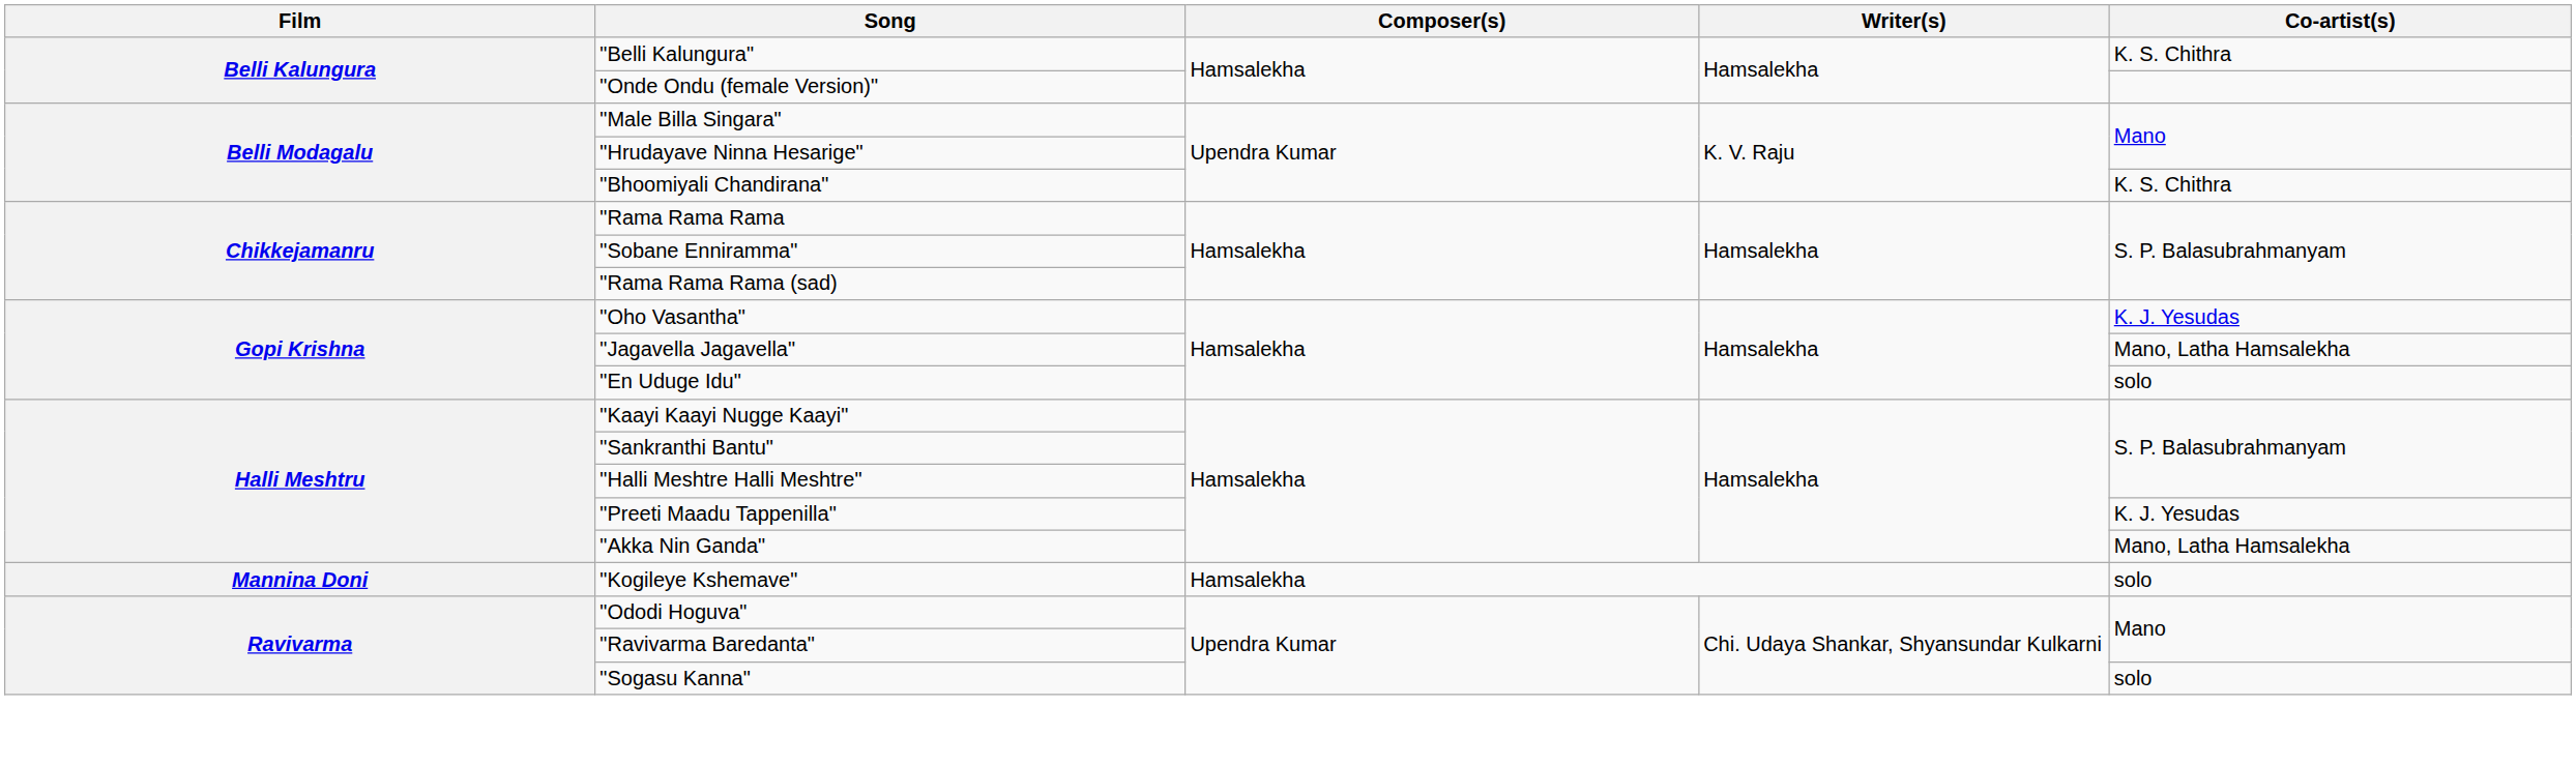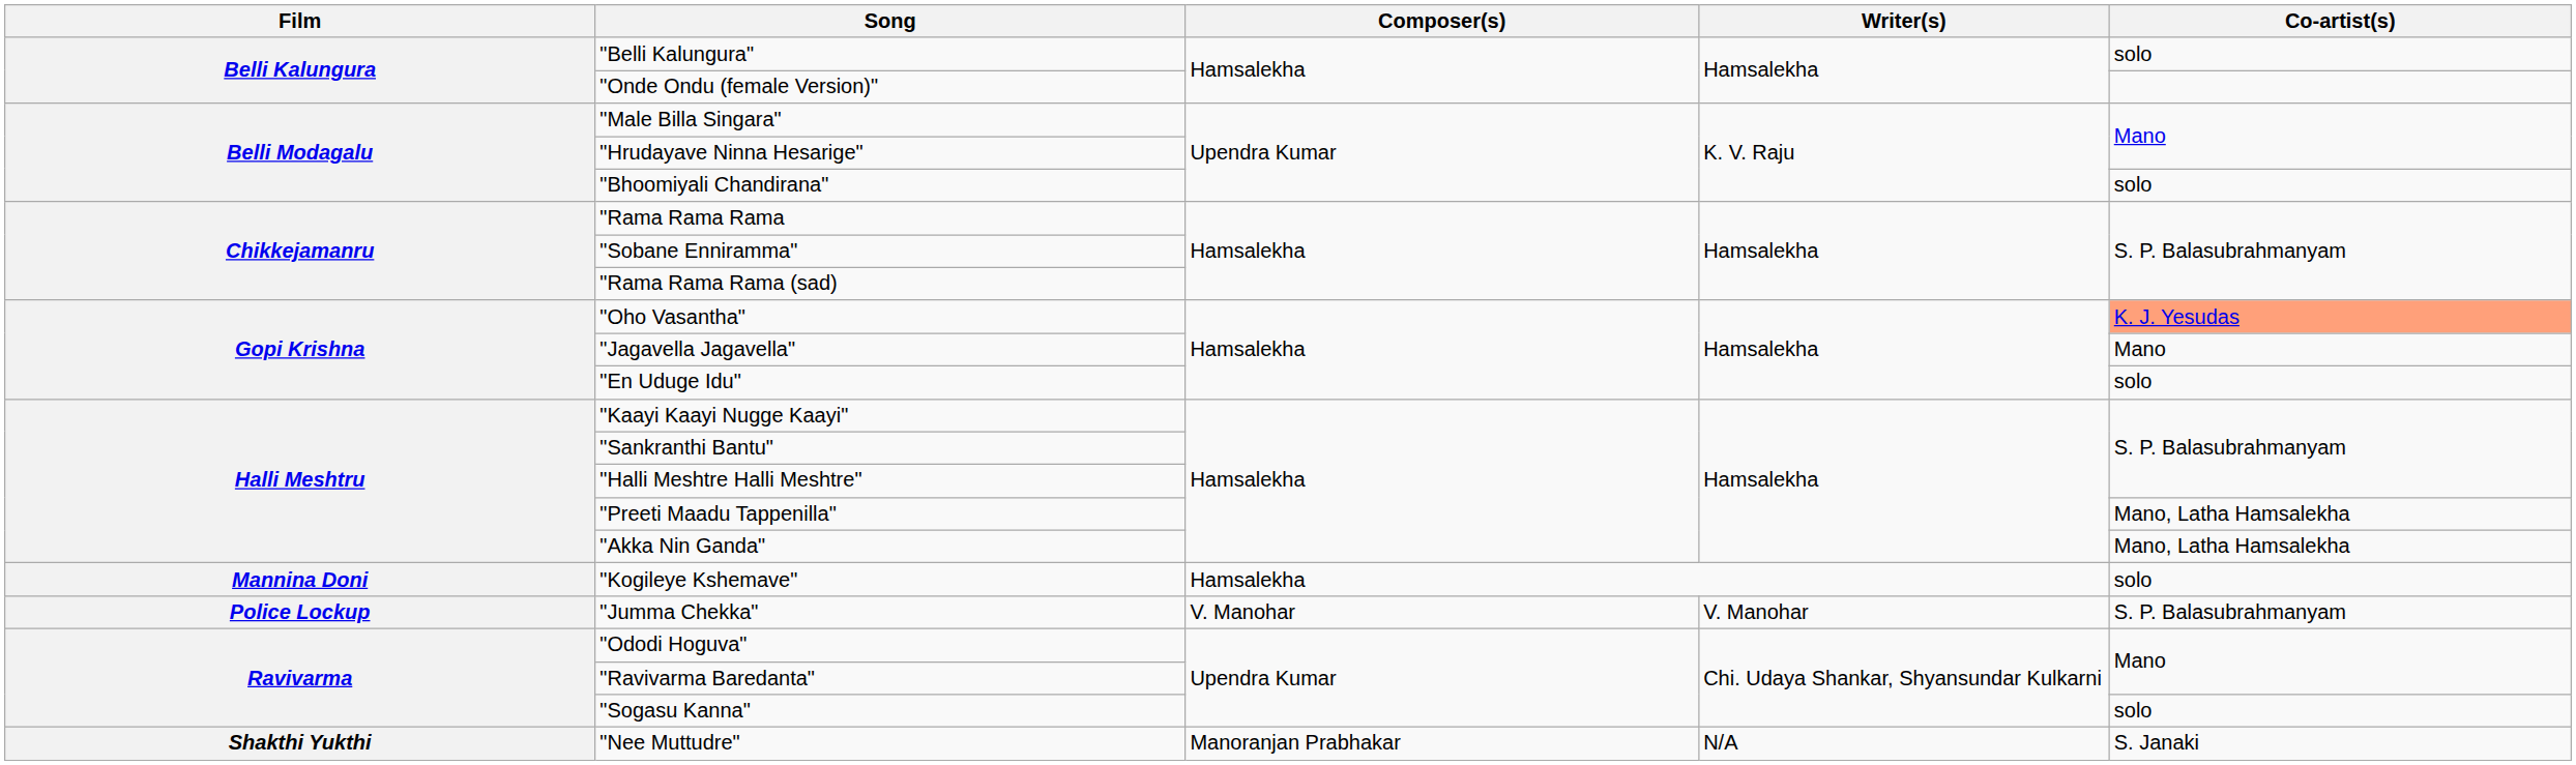 <table class="wikitable plainrowheaders" width="100%" textcolor:#000;">
 <tr style="background:#b0e0e66;">
 <th scope="col" width=23%><strong>Film</strong></th>
 <th scope="col" width=23%><strong>Song</strong></th>
 <th scope="col" width=20%><strong>Composer(s)</strong></th>
 <th scope="col" width=16%><strong>Writer(s)</strong></th>
 <th scope="col" width=18%><strong>Co-artist(s)</strong></th>
 </tr>
 <tr>
 <th Rowspan=2><em><a href='#'>Belli Kalungura</a></em></th>
 <td>"Belli Kalungura"</td>
 <td rowspan=2>Hamsalekha</td>
 <td rowspan=2>Hamsalekha</td>
-<td>K. S. Chithra</td>
+<td>solo</td>
 </tr>
 <tr>
 <td>"Onde Ondu (female Version)"</td>
 </tr>
 <tr>
 <th Rowspan=3><em><a href='#'>Belli Modagalu</a></em></th>
 <td>"Male Billa Singara"</td>
 <td rowspan=3>Upendra Kumar</td>
 <td rowspan=3>K. V. Raju</td>
 <td rowspan=2><a href='#'>Mano</a></td>
 </tr>
 <tr>
 <td>"Hrudayave Ninna Hesarige"</td>
 </tr>
 <tr>
 <td>"Bhoomiyali Chandirana"</td>
-<td>K. S. Chithra</td>
+<td>solo</td>
 </tr>
 <tr>
 <th Rowspan=3><em><a href='#'>Chikkejamanru</a></em></th>
 <td>"Rama Rama Rama</td>
 <td rowspan=3>Hamsalekha</td>
 <td rowspan=3>Hamsalekha</td>
 <td rowspan=3>S. P. Balasubrahmanyam</td>
 </tr>
 <tr>
 <td>"Sobane Enniramma"</td>
 </tr>
 <tr>
 <td>"Rama Rama Rama (sad)</td>
 </tr>
 <tr>
 <th Rowspan=3><em><a href='#'>Gopi Krishna</a></em></th>
 <td>"Oho Vasantha"</td>
 <td rowspan=3>Hamsalekha</td>
 <td Rowspan=3>Hamsalekha</td>
-<td><a href='#'>K. J. Yesudas</a></td>
+<td style="background: lightsalmon;"><a href='#'>K. J. Yesudas</a></td>
 </tr>
 <tr>
 <td>"Jagavella Jagavella"</td>
-<td>Mano, Latha Hamsalekha</td>
+<td>Mano</td>
 </tr>
 <tr>
 <td>"En Uduge Idu"</td>
 <td>solo</td>
 </tr>
 <tr>
 <th Rowspan=5><em><a href='#'>Halli Meshtru</a></em></th>
 <td>"Kaayi Kaayi Nugge Kaayi"</td>
 <td rowspan=5>Hamsalekha</td>
 <td rowspan=5>Hamsalekha</td>
 <td rowspan=3>S. P. Balasubrahmanyam</td>
 </tr>
 <tr>
 <td>"Sankranthi Bantu"</td>
 </tr>
 <tr>
 <td>"Halli Meshtre Halli Meshtre"</td>
 </tr>
 <tr>
 <td>"Preeti Maadu Tappenilla"</td>
-<td>K. J. Yesudas</td>
+<td>Mano, Latha Hamsalekha</td>
 </tr>
 <tr>
 <td>"Akka Nin Ganda"</td>
 <td>Mano, Latha Hamsalekha</td>
 </tr>
 <tr>
 <th><em><a href='#'>Mannina Doni</a></em></th>
 <td>"Kogileye Kshemave"</td>
 <td colspan=2>Hamsalekha</td>
 <td>solo</td>
+</tr>
+<tr>
+<th Rowspan=><em><a href='#'>Police Lockup</a></em></th>
+<td>"Jumma Chekka"</td>
+<td rowspan=>V. Manohar</td>
+<td rowspan=>V. Manohar</td>
+<td>S. P. Balasubrahmanyam</td>
 </tr>
 <tr>
 <th Rowspan=3><em><a href='#'>Ravivarma</a></em></th>
 <td>"Ododi Hoguva"</td>
 <td rowspan=3>Upendra Kumar</td>
 <td rowspan=3>Chi. Udaya Shankar, Shyansundar Kulkarni</td>
 <td rowspan=2>Mano</td>
 </tr>
 <tr>
 <td>"Ravivarma Baredanta"</td>
 </tr>
 <tr>
 <td>"Sogasu Kanna"</td>
 <td>solo</td>
 </tr>
+<tr>
+<th><em>Shakthi Yukthi</em></th>
+<td>"Nee Muttudre"</td>
+<td>Manoranjan Prabhakar</td>
+<td>N/A</td>
+<td>S. Janaki</td>
+</tr>
 </table>
